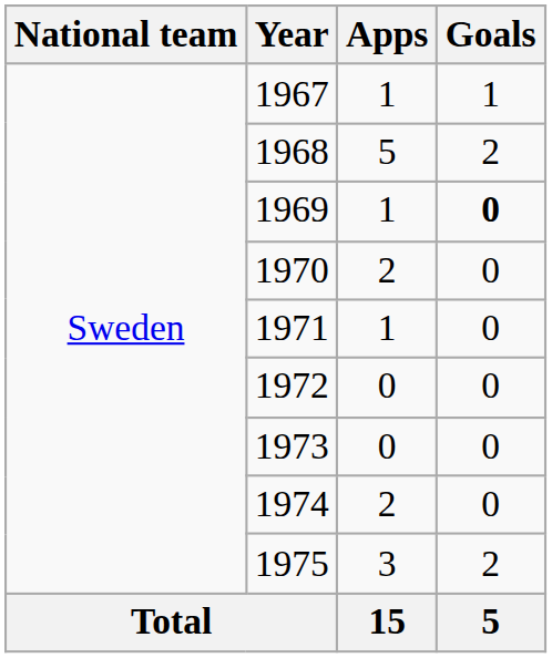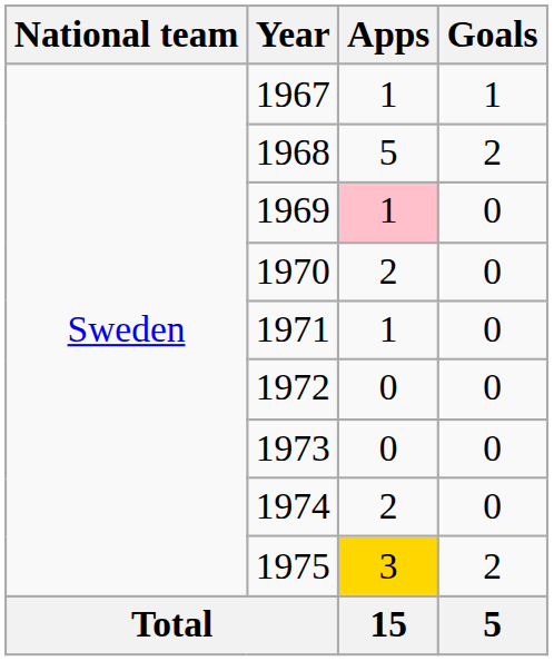 <table class="wikitable" style="text-align:center">
 <tr>
 <th>National team</th>
 <th>Year</th>
 <th>Apps</th>
 <th>Goals</th>
 </tr>
 <tr>
 <td rowspan="9"><a href='#'>Sweden</a></td>
 <td>1967</td>
 <td>1</td>
 <td>1</td>
 </tr>
 <tr>
 <td>1968</td>
 <td>5</td>
 <td>2</td>
 </tr>
 <tr>
 <td>1969</td>
-<td>1</td>
-<td><strong>0</strong></td>
+<td style="background: pink;">1</td>
+<td>0</td>
 </tr>
 <tr>
 <td>1970</td>
 <td>2</td>
 <td>0</td>
 </tr>
 <tr>
 <td>1971</td>
 <td>1</td>
 <td>0</td>
 </tr>
 <tr>
 <td>1972</td>
 <td>0</td>
 <td>0</td>
 </tr>
 <tr>
 <td>1973</td>
 <td>0</td>
 <td>0</td>
 </tr>
 <tr>
 <td>1974</td>
 <td>2</td>
 <td>0</td>
 </tr>
 <tr>
 <td>1975</td>
-<td>3</td>
+<td style="background: gold;">3</td>
 <td>2</td>
 </tr>
 <tr>
 <th colspan="2">Total</th>
 <th>15</th>
 <th>5</th>
 </tr>
 </table>
